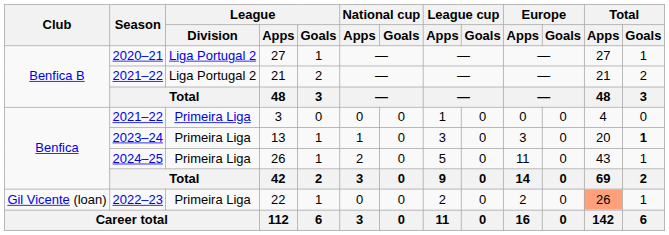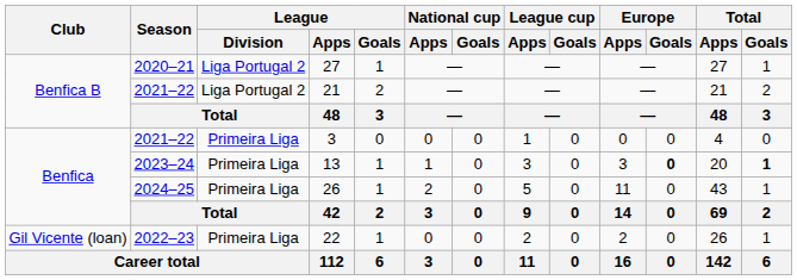 <table class="wikitable" style="text-align: center">
 <tr>
 <th rowspan="2">Club</th>
 <th rowspan="2">Season</th>
 <th colspan="3">League</th>
 <th colspan="2">National cup</th>
 <th colspan="2">League cup</th>
 <th colspan="2">Europe</th>
 <th colspan="2">Total</th>
 </tr>
 <tr>
 <th>Division</th>
 <th>Apps</th>
 <th>Goals</th>
 <th>Apps</th>
 <th>Goals</th>
 <th>Apps</th>
 <th>Goals</th>
 <th>Apps</th>
 <th>Goals</th>
 <th>Apps</th>
 <th>Goals</th>
 </tr>
 <tr>
 <td rowspan="3"><a href='#'>Benfica B</a></td>
 <td><a href='#'>2020–21</a></td>
 <td><a href='#'>Liga Portugal 2</a></td>
 <td>27</td>
 <td>1</td>
 <td colspan="2">—</td>
 <td colspan="2">—</td>
 <td colspan="2">—</td>
 <td>27</td>
 <td>1</td>
 </tr>
 <tr>
 <td><a href='#'>2021–22</a></td>
 <td>Liga Portugal 2</td>
 <td>21</td>
 <td>2</td>
 <td colspan="2">—</td>
 <td colspan="2">—</td>
 <td colspan="2">—</td>
 <td>21</td>
 <td>2</td>
 </tr>
 <tr>
 <th colspan="2">Total</th>
 <th>48</th>
 <th>3</th>
 <th colspan="2">—</th>
 <th colspan="2">—</th>
 <th colspan="2">—</th>
 <th>48</th>
 <th>3</th>
 </tr>
 <tr>
 <td rowspan="4"><a href='#'>Benfica</a></td>
 <td><a href='#'>2021–22</a></td>
 <td><a href='#'>Primeira Liga</a></td>
 <td>3</td>
 <td>0</td>
 <td>0</td>
 <td>0</td>
 <td>1</td>
 <td>0</td>
 <td>0</td>
 <td>0</td>
 <td>4</td>
 <td>0</td>
 </tr>
 <tr>
 <td><a href='#'>2023–24</a></td>
 <td>Primeira Liga</td>
 <td>13</td>
 <td>1</td>
 <td>1</td>
 <td>0</td>
 <td>3</td>
 <td>0</td>
 <td>3</td>
-<td>0</td>
+<td><strong>0</strong></td>
 <td>20</td>
 <td><strong>1</strong></td>
 </tr>
 <tr>
 <td><a href='#'>2024–25</a></td>
 <td>Primeira Liga</td>
 <td>26</td>
 <td>1</td>
 <td>2</td>
 <td>0</td>
 <td>5</td>
 <td>0</td>
 <td>11</td>
 <td>0</td>
 <td>43</td>
 <td>1</td>
 </tr>
 <tr>
 <th colspan="2">Total</th>
 <th>42</th>
 <th>2</th>
 <th>3</th>
 <th>0</th>
 <th>9</th>
 <th>0</th>
 <th>14</th>
 <th>0</th>
 <th>69</th>
 <th>2</th>
 </tr>
 <tr>
 <td><a href='#'>Gil Vicente</a> (loan)</td>
 <td><a href='#'>2022–23</a></td>
 <td>Primeira Liga</td>
 <td>22</td>
 <td>1</td>
 <td>0</td>
 <td>0</td>
 <td>2</td>
 <td>0</td>
 <td>2</td>
 <td>0</td>
-<td style="background: lightsalmon;">26</td>
+<td>26</td>
 <td>1</td>
 </tr>
 <tr>
 <th colspan="3">Career total</th>
 <th>112</th>
 <th>6</th>
 <th>3</th>
 <th>0</th>
 <th>11</th>
 <th>0</th>
 <th>16</th>
 <th>0</th>
 <th>142</th>
 <th>6</th>
 </tr>
 </table>
